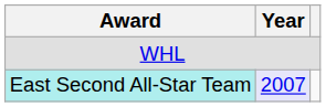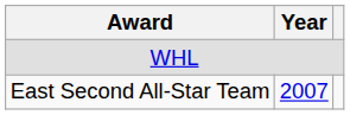 <table class="wikitable">
 <tr>
 <th>Award</th>
 <th>Year</th>
 <th></th>
 </tr>
 <tr ALIGN="center" bgcolor="#e0e0e0">
 <td colspan="3"><a href='#'>WHL</a></td>
 </tr>
 <tr>
-<td style="background: paleturquoise;">East Second All-Star Team</td>
-<td style="background: lavender;"><a href='#'>2007</a></td>
+<td>East Second All-Star Team</td>
+<td><a href='#'>2007</a></td>
 <td></td>
 </tr>
 </table>
